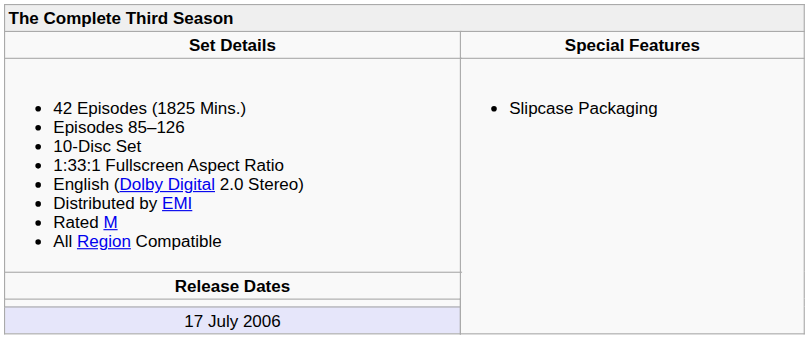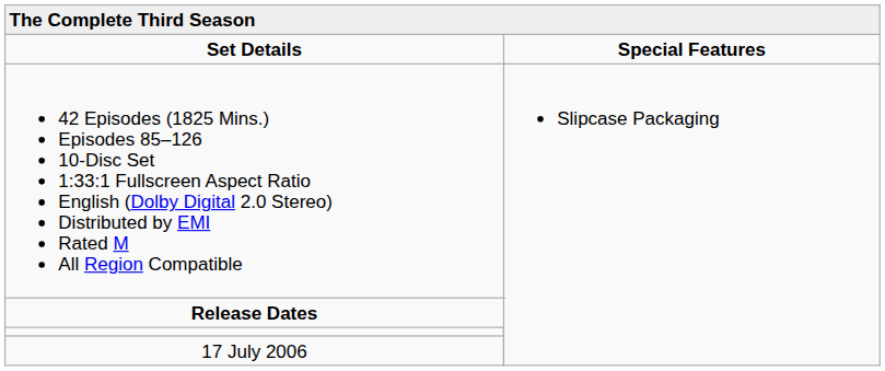 <table class="wikitable" style="font-size: 95%;">
 <tr style="background:#EFEFEF">
 <td colspan="5"><strong>The Complete Third Season</strong></td>
 </tr>
 <tr>
 <td align="center" width="350" colspan="3"><strong>Set Details</strong></td>
 <td width="250" align="center"><strong>Special Features</strong></td>
 </tr>
 <tr valign="top">
 <td colspan="3" align="left" width="400"><br><ul><li>42 Episodes (1825 Mins.)</li><li>Episodes 85–126</li><li>10-Disc Set</li><li>1:33:1 Fullscreen Aspect Ratio</li><li>English (<a href='#'>Dolby Digital</a> 2.0 Stereo)</li><li>Distributed by <a href='#'>EMI</a></li><li>Rated <a href='#'>M</a></li><li>All <a href='#'>Region</a> Compatible</li></ul></td>
 <td rowspan="4" align="left" width="300"><br><ul><li>Slipcase Packaging</li></ul></td>
 </tr>
 <tr>
 <td colspan="3" align="center"><strong>Release Dates</strong></td>
 </tr>
 <tr>
 <td align="center"></td>
 </tr>
 <tr>
-<td align="center" style="background: lavender;">17 July 2006</td>
+<td align="center">17 July 2006</td>
 </tr>
 </table>
